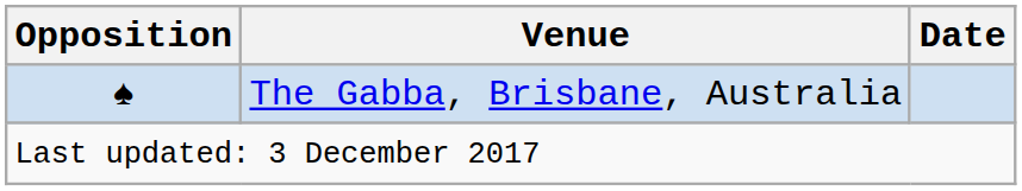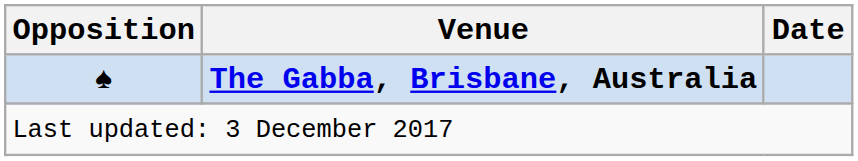 <table class="wikitable plainrowheaders sortable">
 <tr>
 <th scope=col>Opposition</th>
 <th scope=col>Venue</th>
 <th scope=col>Date</th>
 </tr>
 <tr bgcolor=#cee0f2>
 <th scope=row style="background:#cee0f2;"> ♠</th>
-<td><a href='#'>The Gabba</a>, <a href='#'>Brisbane</a>, Australia</td>
+<td><strong><a href='#'>The Gabba</a>, <a href='#'>Brisbane</a>, Australia</strong></td>
 <td></td>
 </tr>
 <tr class=sortbottom>
 <td colspan=3><small>Last updated: 3 December 2017</small></td>
 </tr>
 </table>
